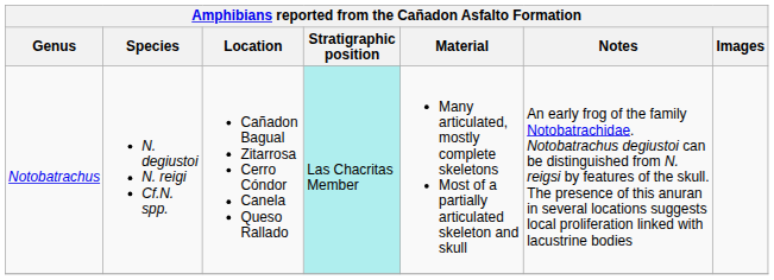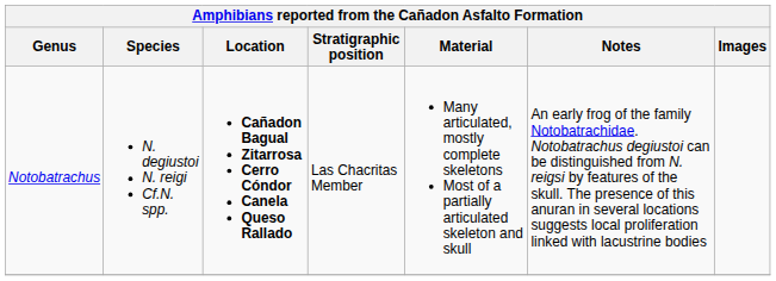 <table class="wikitable sortable">
 <tr>
 <th colspan="7" align="center"><strong><a href='#'>Amphibians</a> reported from the Cañadon Asfalto Formation</strong></th>
 </tr>
 <tr>
 <th>Genus</th>
 <th>Species</th>
 <th>Location</th>
 <th>Stratigraphic position</th>
 <th>Material</th>
 <th>Notes</th>
 <th>Images</th>
 </tr>
 <tr>
 <td><br><em><a href='#'>Notobatrachus</a></em></td>
 <td><br><ul><li><em>N. degiustoi</em></li><li><em>N. reigi</em></li><li><em>Cf.N. spp.</em></li></ul></td>
-<td><br><ul><li>Cañadon Bagual</li><li>Zitarrosa</li><li>Cerro Cóndor</li><li>Canela</li><li>Queso Rallado</li></ul></td>
-<td style="background: paleturquoise;"><br>Las Chacritas Member</td>
+<td><strong><br><ul><li>Cañadon Bagual</li><li>Zitarrosa</li><li>Cerro Cóndor</li><li>Canela</li><li>Queso Rallado</li></ul></strong></td>
+<td><br>Las Chacritas Member</td>
 <td><br><ul><li>Many articulated, mostly complete skeletons</li><li>Most of a partially articulated skeleton and skull</li></ul></td>
 <td><br>An early frog of the family <a href='#'>Notobatrachidae</a>. <em>Notobatrachus degiustoi</em> can be distinguished from <em>N. reigsi</em> by features of the skull. The presence of this anuran in several locations suggests local proliferation linked with lacustrine bodies</td>
 <td><br></td>
 </tr>
 <tr>
 </tr>
 </table>
